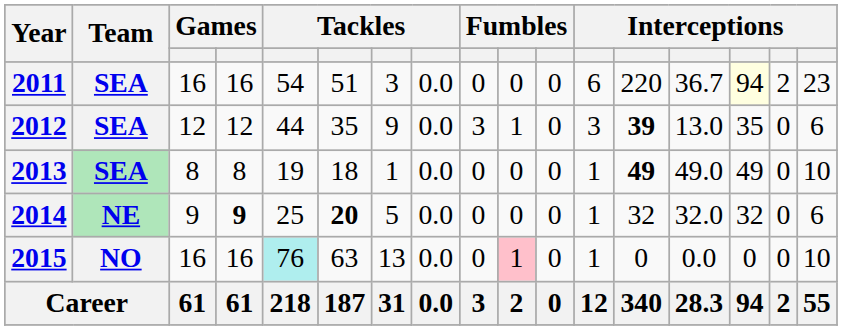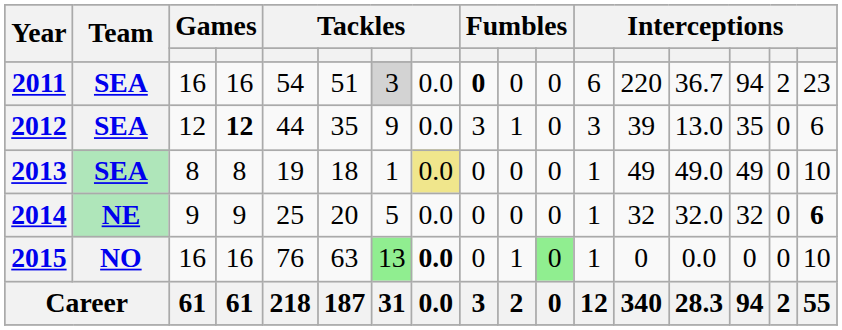 <table class="wikitable" style="text-align:center;">
 <tr>
 <th rowspan="2">Year</th>
 <th rowspan="2">Team</th>
 <th colspan="2">Games</th>
 <th colspan="4">Tackles</th>
 <th colspan="3">Fumbles</th>
 <th colspan="6">Interceptions</th>
 </tr>
 <tr>
 <th></th>
 <th></th>
 <th></th>
 <th></th>
 <th></th>
 <th></th>
 <th></th>
 <th></th>
 <th></th>
 <th></th>
 <th></th>
 <th></th>
 <th></th>
 <th></th>
 <th></th>
 </tr>
 <tr>
 <th><a href='#'>2011</a></th>
 <th><a href='#'>SEA</a></th>
 <td>16</td>
 <td>16</td>
 <td>54</td>
 <td>51</td>
-<td>3</td>
+<td style="background: lightgrey;">3</td>
 <td>0.0</td>
-<td>0</td>
+<td><strong>0</strong></td>
 <td>0</td>
 <td>0</td>
 <td>6</td>
 <td>220</td>
 <td>36.7</td>
-<td style="background: lightyellow;">94</td>
+<td>94</td>
 <td>2</td>
 <td>23</td>
 </tr>
 <tr>
 <th><a href='#'>2012</a></th>
 <th><a href='#'>SEA</a></th>
 <td>12</td>
-<td>12</td>
+<td><strong>12</strong></td>
 <td>44</td>
 <td>35</td>
 <td>9</td>
 <td>0.0</td>
 <td>3</td>
 <td>1</td>
 <td>0</td>
 <td>3</td>
-<td><strong>39</strong></td>
+<td>39</td>
 <td>13.0</td>
 <td>35</td>
 <td>0</td>
 <td>6</td>
 </tr>
 <tr>
 <th><a href='#'>2013</a></th>
 <th style="background:#afe6ba; width:3em;"><a href='#'>SEA</a></th>
 <td>8</td>
 <td>8</td>
 <td>19</td>
 <td>18</td>
 <td>1</td>
-<td>0.0</td>
+<td style="background: khaki;">0.0</td>
 <td>0</td>
 <td>0</td>
 <td>0</td>
 <td>1</td>
-<td><strong>49</strong></td>
+<td>49</td>
 <td>49.0</td>
 <td>49</td>
 <td>0</td>
 <td>10</td>
 </tr>
 <tr>
 <th><a href='#'>2014</a></th>
 <th style="background:#afe6ba; width:3em;"><a href='#'>NE</a></th>
 <td>9</td>
-<td><strong>9</strong></td>
+<td>9</td>
 <td>25</td>
-<td><strong>20</strong></td>
+<td>20</td>
 <td>5</td>
 <td>0.0</td>
 <td>0</td>
 <td>0</td>
 <td>0</td>
 <td>1</td>
 <td>32</td>
 <td>32.0</td>
 <td>32</td>
 <td>0</td>
-<td>6</td>
+<td><strong>6</strong></td>
 </tr>
 <tr>
 <th><a href='#'>2015</a></th>
 <th><a href='#'>NO</a></th>
 <td>16</td>
 <td>16</td>
-<td style="background: paleturquoise;">76</td>
+<td>76</td>
 <td>63</td>
-<td>13</td>
-<td>0.0</td>
+<td style="background: lightgreen;">13</td>
+<td><strong>0.0</strong></td>
 <td>0</td>
-<td style="background: pink;">1</td>
-<td>0</td>
+<td>1</td>
+<td style="background: lightgreen;">0</td>
 <td>1</td>
 <td>0</td>
 <td>0.0</td>
 <td>0</td>
 <td>0</td>
 <td>10</td>
 </tr>
 <tr>
 <th colspan="2">Career</th>
 <th>61</th>
 <th>61</th>
 <th>218</th>
 <th>187</th>
 <th>31</th>
 <th>0.0</th>
 <th>3</th>
 <th>2</th>
 <th>0</th>
 <th>12</th>
 <th>340</th>
 <th>28.3</th>
 <th>94</th>
 <th>2</th>
 <th>55</th>
 </tr>
 </table>
